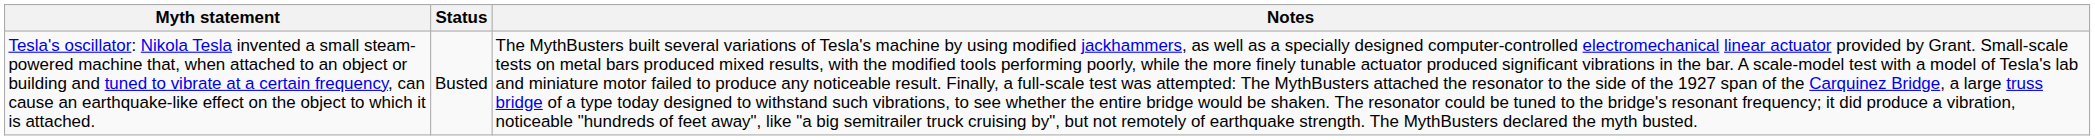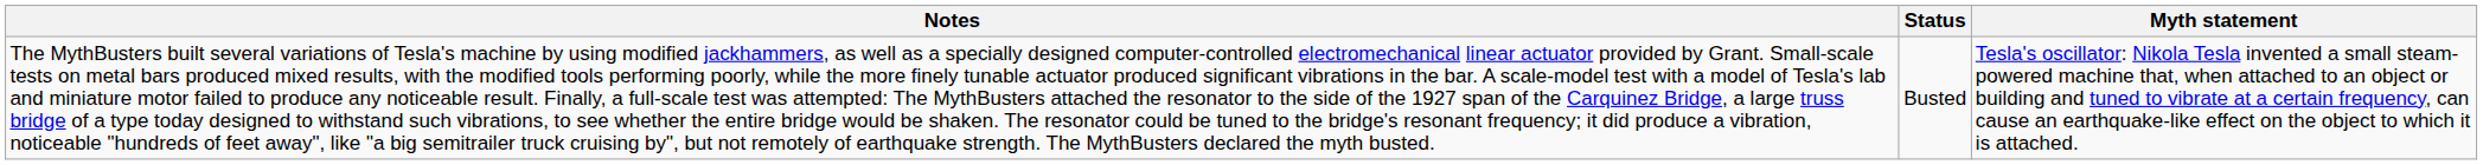 <table class="wikitable plainrowheaders">
 <tr>
+<th>Notes</th>
+<th>Status</th>
 <th>Myth statement</th>
-<th>Status</th>
-<th>Notes</th>
 </tr>
 <tr>
+<td>The MythBusters built several variations of Tesla's machine by using modified <a href='#'>jackhammers</a>, as well as a specially designed computer-controlled <a href='#'>electromechanical</a> <a href='#'>linear actuator</a> provided by Grant. Small-scale tests on metal bars produced mixed results, with the modified tools performing poorly, while the more finely tunable actuator produced significant vibrations in the bar. A scale-model test with a model of Tesla's lab and miniature motor failed to produce any noticeable result. Finally, a full-scale test was attempted: The MythBusters attached the resonator to the side of the 1927 span of the <a href='#'>Carquinez Bridge</a>, a large <a href='#'>truss bridge</a> of a type today designed to withstand such vibrations, to see whether the entire bridge would be shaken. The resonator could be tuned to the bridge's resonant frequency; it did produce a vibration, noticeable "hundreds of feet away", like "a big semitrailer truck cruising by", but not remotely of earthquake strength. The MythBusters declared the myth busted.</td>
+<td><span>Busted</span></td>
 <td><a href='#'>Tesla's oscillator</a>: <a href='#'>Nikola Tesla</a> invented a small steam-powered machine that, when attached to an object or building and <a href='#'>tuned to vibrate at a certain frequency</a>, can cause an earthquake-like effect on the object to which it is attached.</td>
-<td><span>Busted</span></td>
-<td>The MythBusters built several variations of Tesla's machine by using modified <a href='#'>jackhammers</a>, as well as a specially designed computer-controlled <a href='#'>electromechanical</a> <a href='#'>linear actuator</a> provided by Grant. Small-scale tests on metal bars produced mixed results, with the modified tools performing poorly, while the more finely tunable actuator produced significant vibrations in the bar. A scale-model test with a model of Tesla's lab and miniature motor failed to produce any noticeable result. Finally, a full-scale test was attempted: The MythBusters attached the resonator to the side of the 1927 span of the <a href='#'>Carquinez Bridge</a>, a large <a href='#'>truss bridge</a> of a type today designed to withstand such vibrations, to see whether the entire bridge would be shaken. The resonator could be tuned to the bridge's resonant frequency; it did produce a vibration, noticeable "hundreds of feet away", like "a big semitrailer truck cruising by", but not remotely of earthquake strength. The MythBusters declared the myth busted.</td>
 </tr>
 </table>
